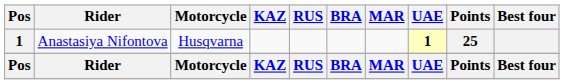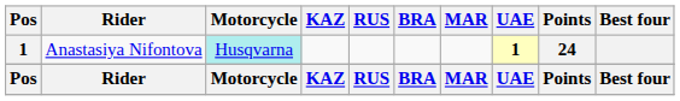 <table class="wikitable" style="font-size: 85%; text-align: center; display: inline-table;">
 <tr valign="top">
 <th valign="middle">Pos</th>
 <th valign="middle">Rider</th>
 <th valign="middle">Motorcycle</th>
 <th><a href='#'>KAZ</a><br></th>
 <th><a href='#'>RUS</a><br></th>
 <th><a href='#'>BRA</a><br></th>
 <th><a href='#'>MAR</a><br></th>
 <th><a href='#'>UAE</a><br></th>
 <th valign="middle">Points</th>
 <th valign="middle">Best four</th>
 </tr>
 <tr>
 <th>1</th>
 <td align=left> <a href='#'>Anastasiya Nifontova</a></td>
-<td><a href='#'>Husqvarna</a></td>
+<td style="background: paleturquoise;"><a href='#'>Husqvarna</a></td>
 <td></td>
 <td></td>
 <td></td>
 <td></td>
 <td style="background:#ffffbf;"><strong>1</strong></td>
-<th>25</th>
+<th>24</th>
 <th></th>
 </tr>
 <tr>
 </tr>
 <tr valign="top">
 <th valign="middle">Pos</th>
 <th valign="middle">Rider</th>
 <th valign="middle">Motorcycle</th>
 <th><a href='#'>KAZ</a><br></th>
 <th><a href='#'>RUS</a><br></th>
 <th><a href='#'>BRA</a><br></th>
 <th><a href='#'>MAR</a><br></th>
 <th><a href='#'>UAE</a><br></th>
 <th valign="middle">Points</th>
 <th valign="middle">Best four</th>
 </tr>
 <tr>
 </tr>
 </table>
